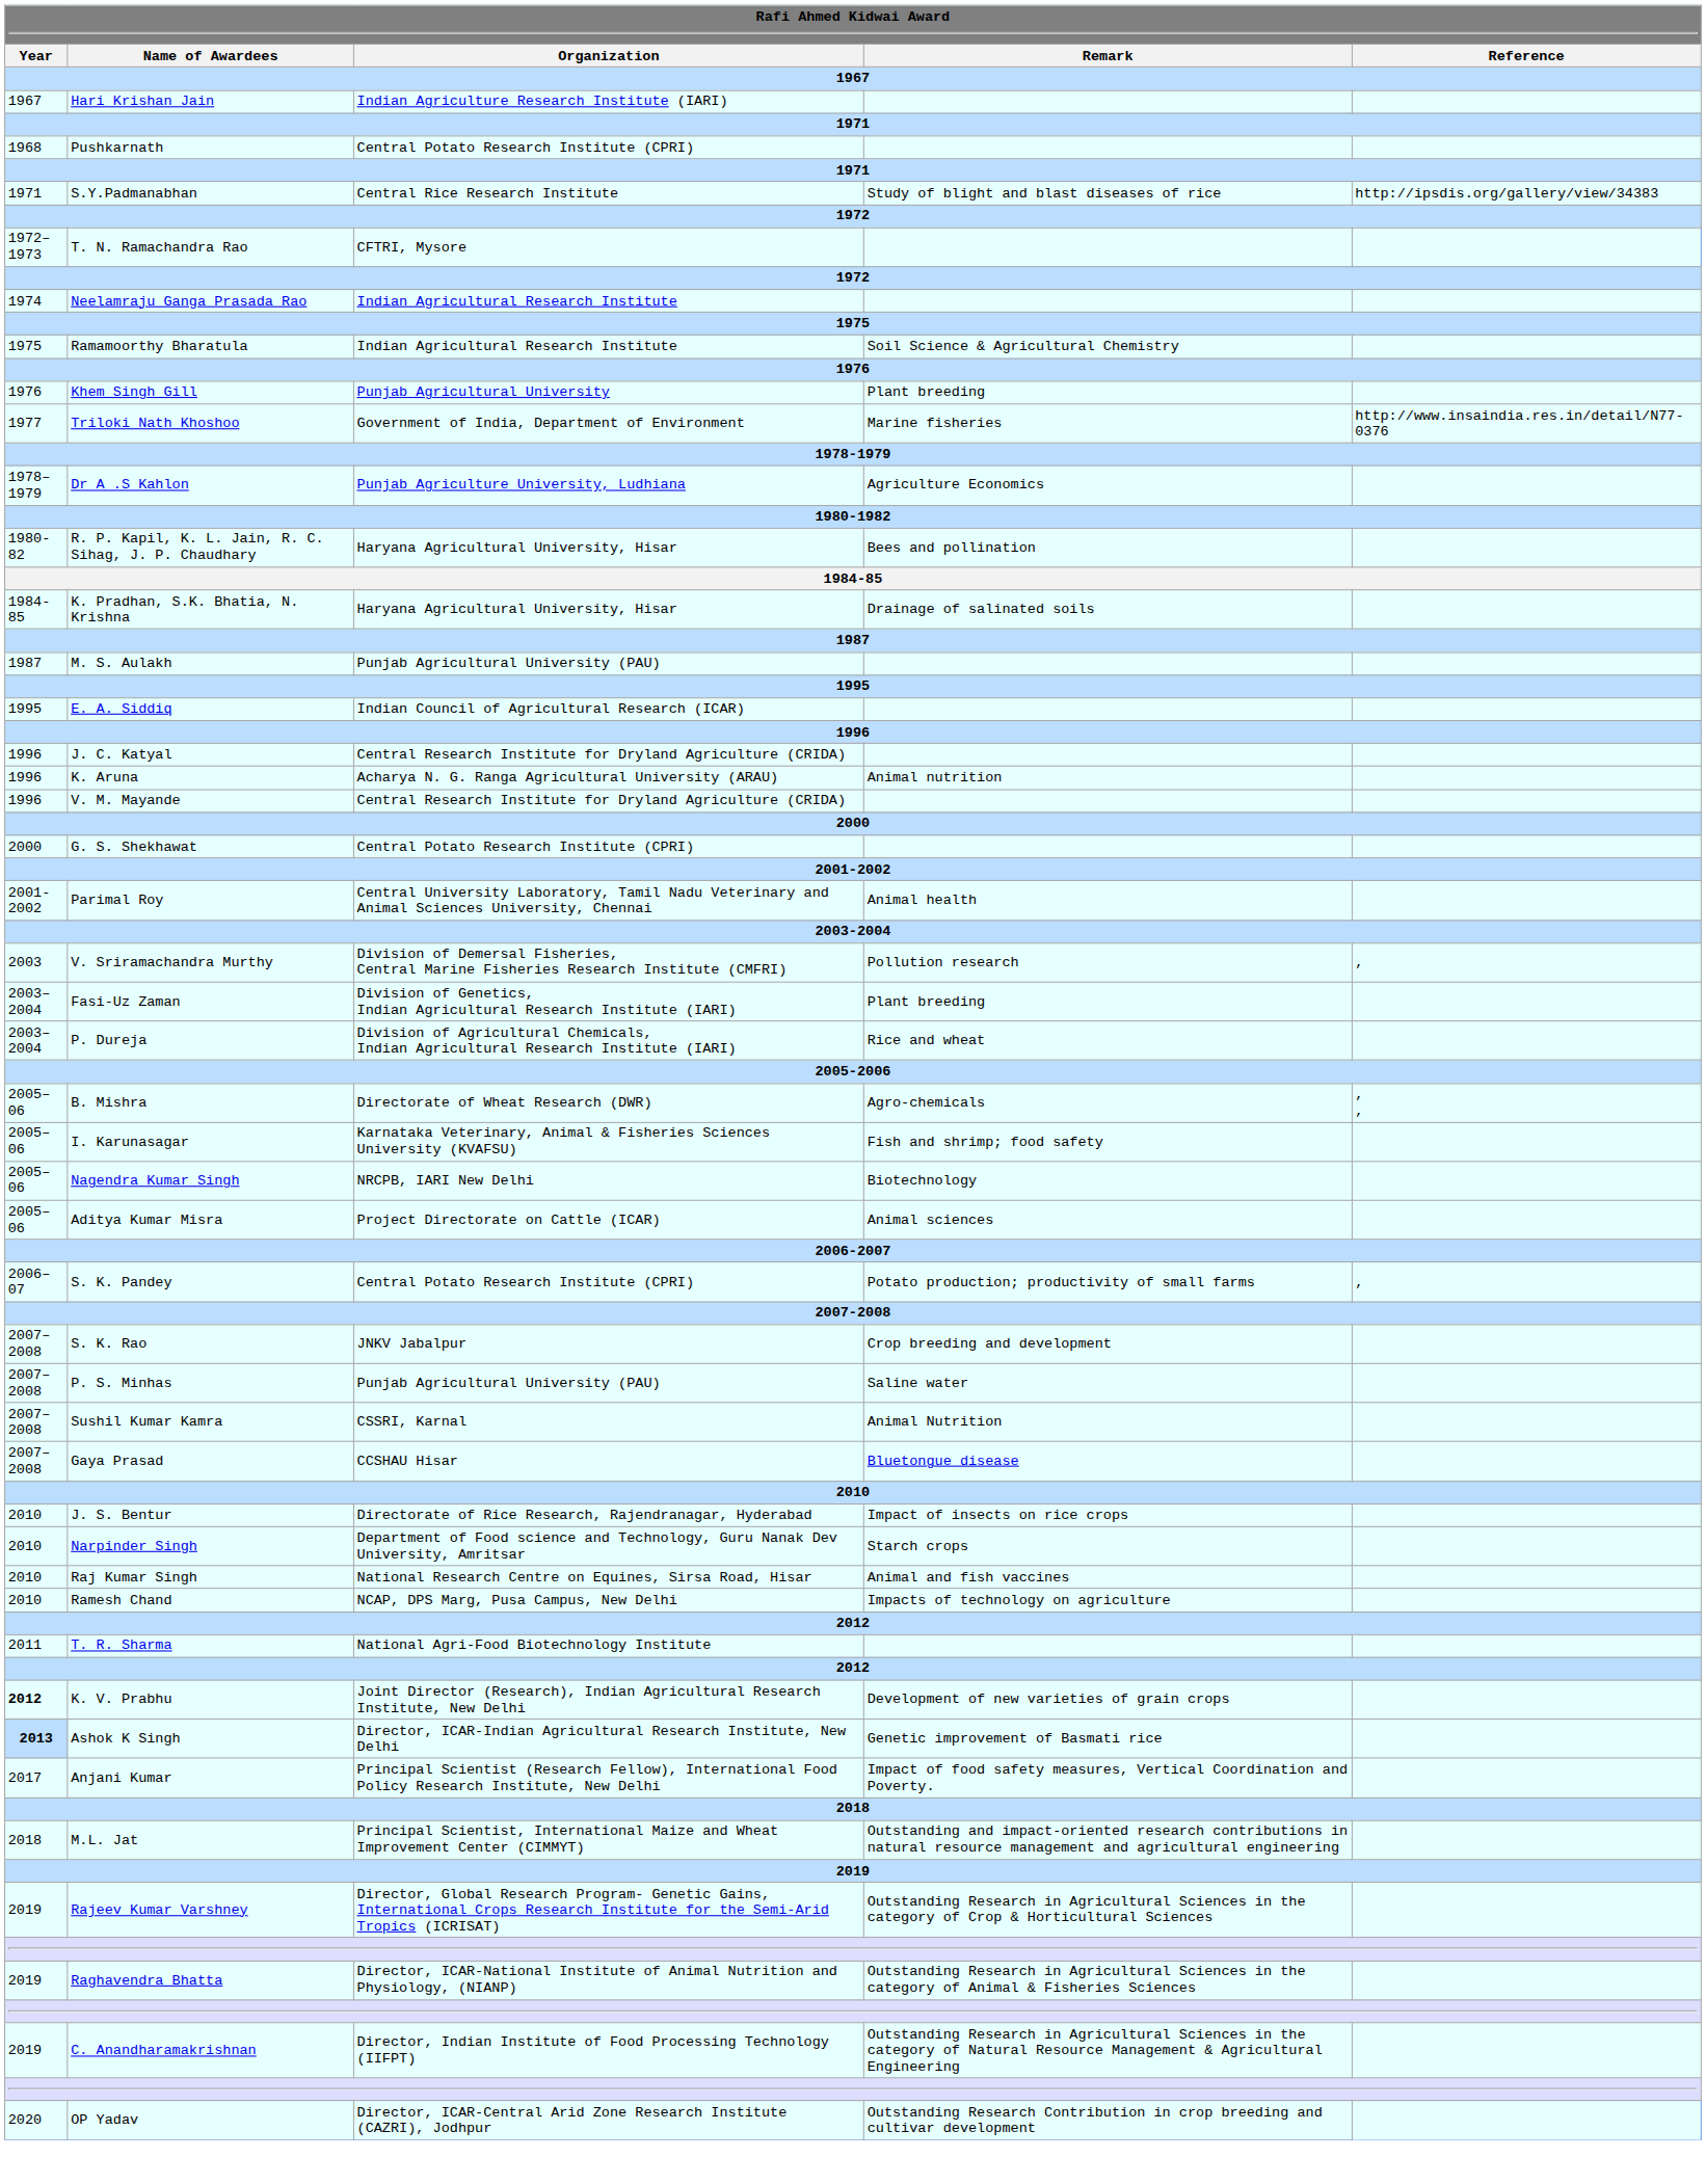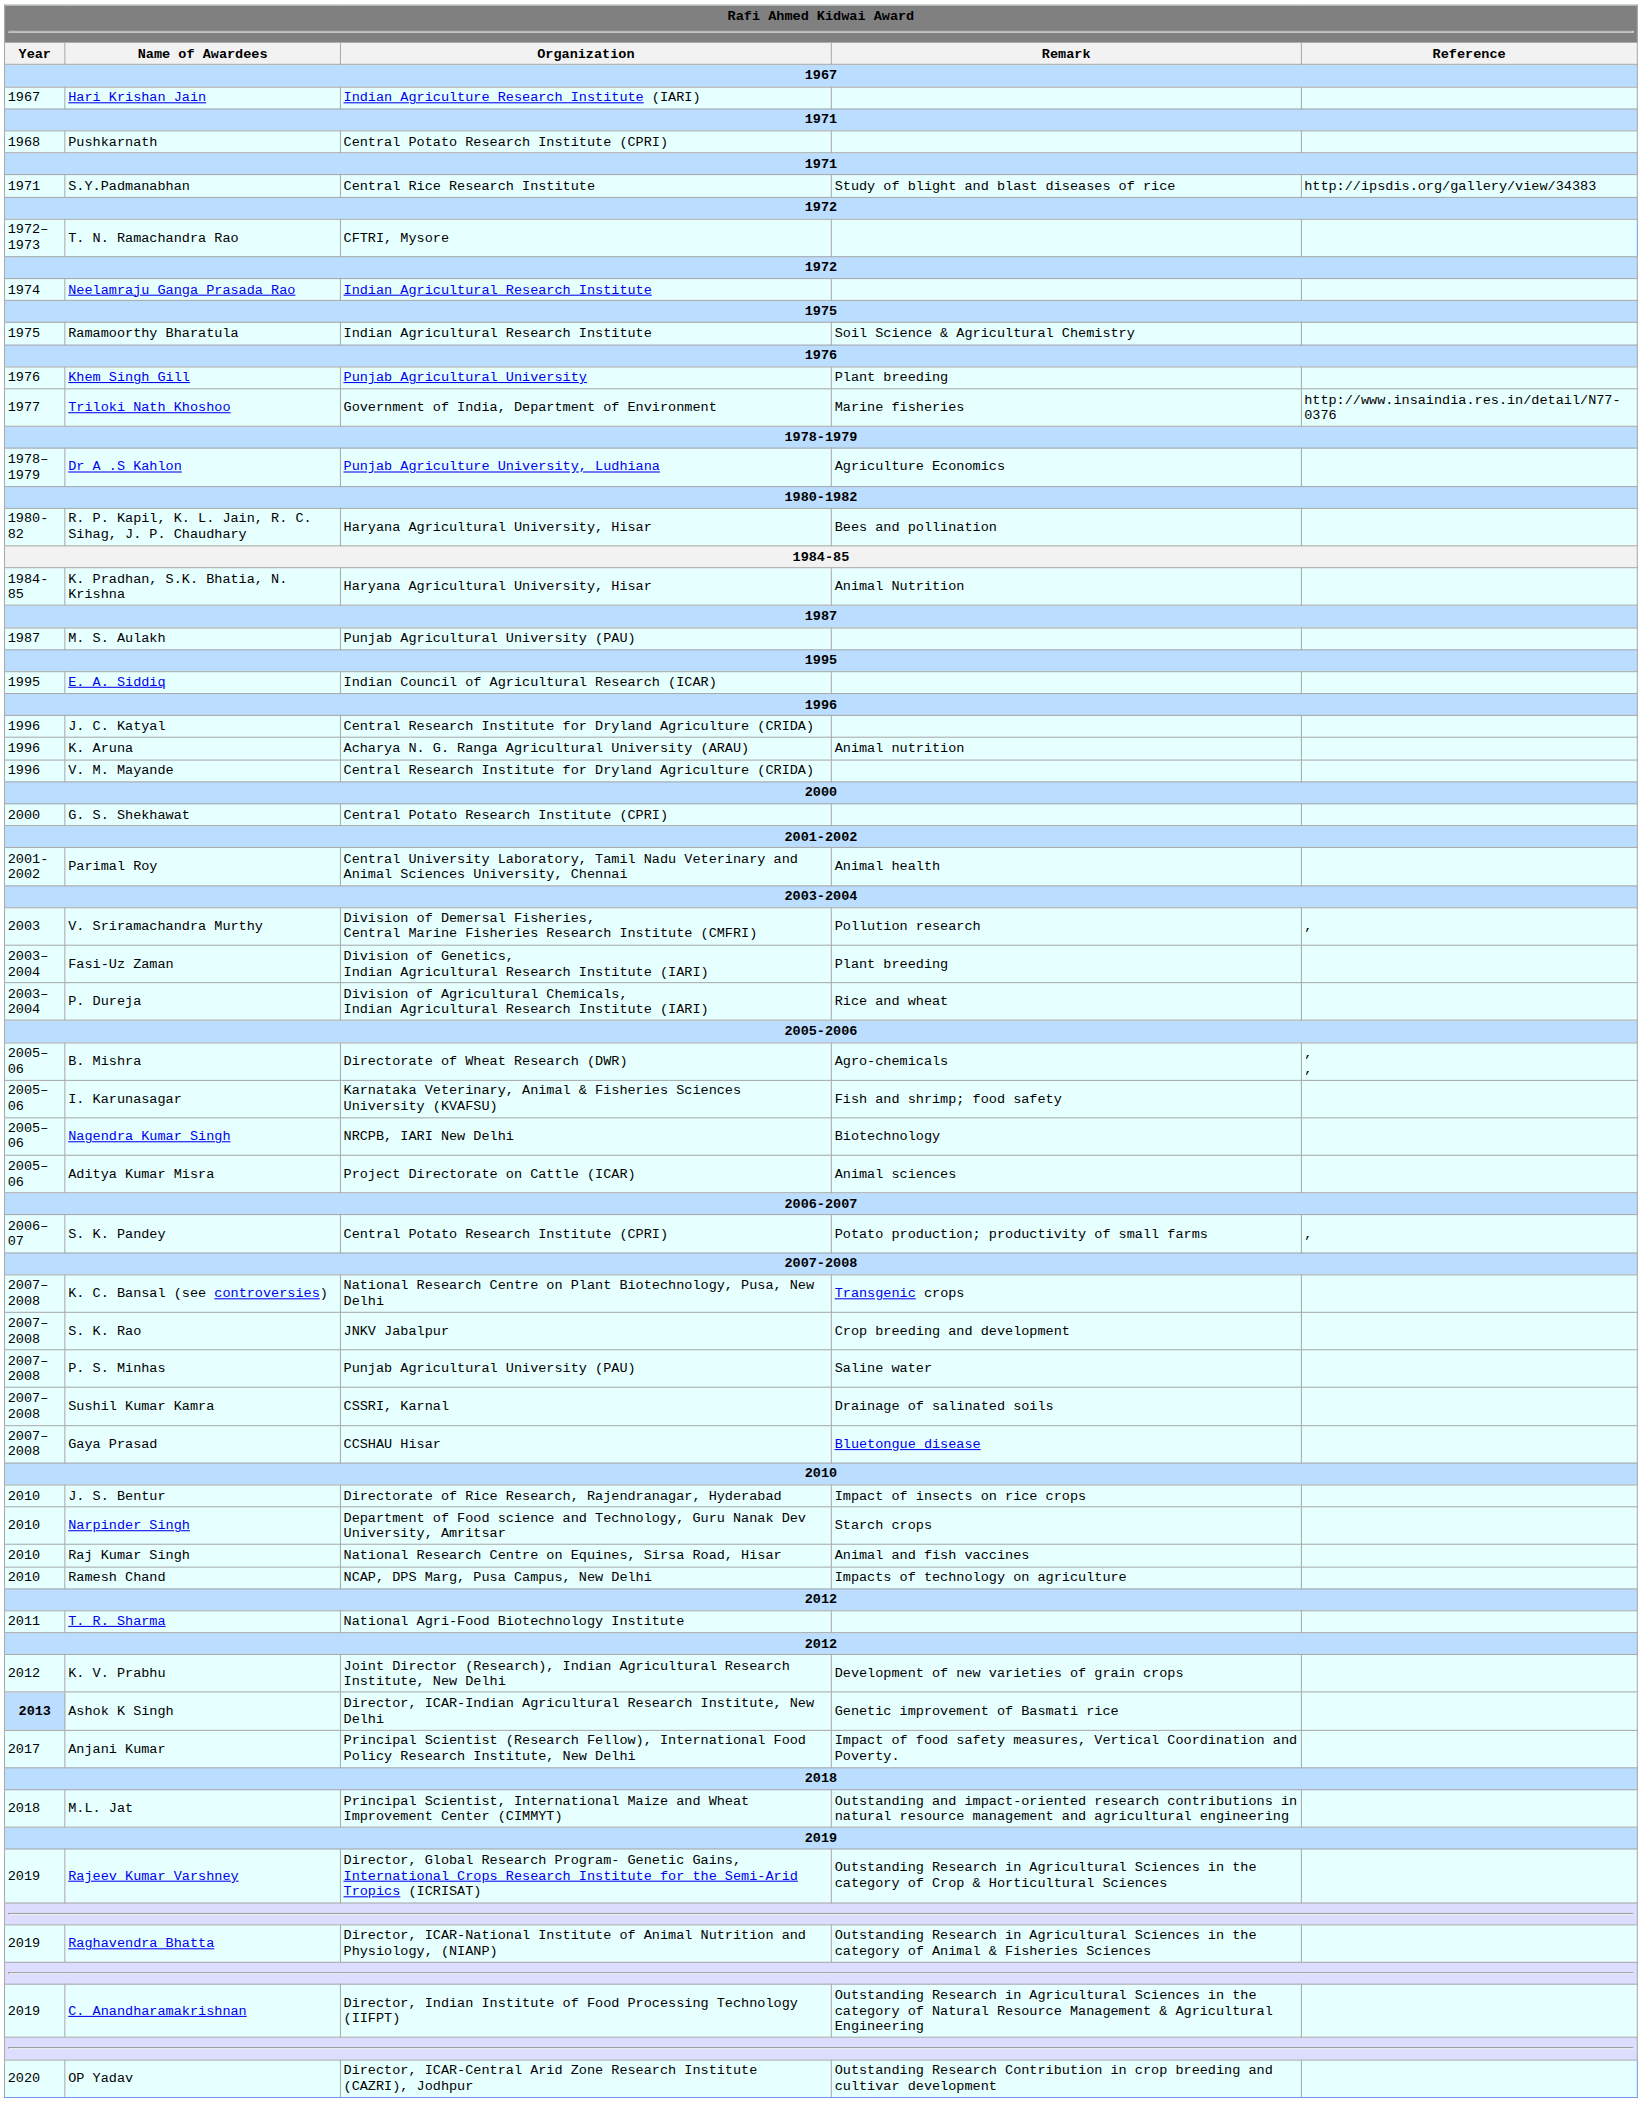 <table class="wikitable" align="left" cellspacing="0" cellpadding="2" style="background: #E6FFFF; border: 1px solid #79E; text-align: left; padding: 3px;">
 <tr>
 <td style="background: grey" colspan="5" align="center"><strong>Rafi Ahmed Kidwai Award</strong><hr></td>
 </tr>
 <tr>
 <th bgcolor="#DDDDFF">Year</th>
 <th bgcolor="#DDDDFF">Name of Awardees</th>
 <th bgcolor="#DDDDFF">Organization</th>
 <th bgcolor="#DDDDFF">Remark</th>
 <th bgcolor="#DDDDFF">Reference</th>
 </tr>
 <tr>
 <td style="background: #BDF;" colspan="5" align="center"><strong>1967</strong></td>
 </tr>
 <tr>
 <td>1967</td>
 <td><a href='#'>Hari Krishan Jain</a></td>
 <td><a href='#'>Indian Agriculture Research Institute</a> (IARI)</td>
 <td></td>
 <td></td>
 </tr>
 <tr>
 <td style="background: #BDF;" colspan="5" align="center"><strong>1971</strong></td>
 </tr>
 <tr>
 <td>1968</td>
 <td>Pushkarnath</td>
 <td>Central Potato Research Institute (CPRI)</td>
 <td></td>
 <td></td>
 </tr>
 <tr>
 <td style="background: #BDF;" colspan="5" align="center"><strong>1971</strong></td>
 </tr>
 <tr>
 <td>1971</td>
 <td>S.Y.Padmanabhan</td>
 <td>Central Rice Research Institute</td>
 <td>Study of blight and blast diseases of rice</td>
 <td>http://ipsdis.org/gallery/view/34383</td>
 </tr>
 <tr>
 <td style="background: #BDF;" colspan="5" align="center"><strong>1972</strong></td>
 </tr>
 <tr>
 <td>1972–1973</td>
 <td>T. N. Ramachandra Rao</td>
 <td>CFTRI, Mysore</td>
 <td></td>
 </tr>
 <tr>
 <td style="background: #BDF;" colspan="5" align="center"><strong>1972</strong></td>
 </tr>
 <tr>
 <td>1974</td>
 <td><a href='#'>Neelamraju Ganga Prasada Rao</a></td>
 <td><a href='#'>Indian Agricultural Research Institute</a></td>
 <td></td>
 <td></td>
 </tr>
 <tr>
 <td style="background: #BDF;" colspan="5" align="center"><strong>1975</strong></td>
 </tr>
 <tr>
 <td>1975</td>
 <td>Ramamoorthy Bharatula</td>
 <td>Indian Agricultural Research Institute</td>
 <td>Soil Science & Agricultural Chemistry</td>
 <td></td>
 </tr>
 <tr>
 <td style="background: #BDF;" colspan="5" align="center"><strong>1976</strong></td>
 </tr>
 <tr>
 <td>1976</td>
 <td><a href='#'>Khem Singh Gill</a></td>
 <td><a href='#'>Punjab Agricultural University</a></td>
 <td>Plant breeding</td>
 <td></td>
 </tr>
 <tr>
 <td>1977</td>
 <td><a href='#'>Triloki Nath Khoshoo</a></td>
 <td>Government of India, Department of Environment</td>
 <td>Marine fisheries</td>
 <td> http://www.insaindia.res.in/detail/N77-0376</td>
 </tr>
 <tr>
 <td style="background: #BDF;" colspan="5" align="center"><strong>1978-1979</strong></td>
 </tr>
 <tr>
 <td>1978–1979</td>
 <td><a href='#'>Dr A .S Kahlon</a></td>
 <td><a href='#'>Punjab Agriculture University, Ludhiana</a></td>
 <td>Agriculture Economics</td>
 <td></td>
 </tr>
 <tr>
 <td style="background: #BDF;" colspan="5" align="center"><strong>1980-1982</strong></td>
 </tr>
 <tr>
 <td>1980-82</td>
 <td>R. P. Kapil, K. L. Jain, R. C. Sihag, J. P. Chaudhary</td>
 <td>Haryana Agricultural University, Hisar</td>
 <td>Bees and pollination</td>
 <td> </td>
 </tr>
 <tr>
 <th colspan="5">1984-85</th>
 </tr>
 <tr>
 <td>1984-85</td>
 <td>K. Pradhan, S.K. Bhatia, N. Krishna</td>
 <td>Haryana Agricultural University, Hisar</td>
-<td>Drainage of salinated soils</td>
+<td>Animal Nutrition</td>
 <td></td>
 </tr>
 <tr>
 <td style="background: #BDF;" colspan="5" align="center"><strong>1987</strong></td>
 </tr>
 <tr 1982-1984 Dr. Rajpal, R.C. Sihag, Dr. S.R. Punia, Ashok Kapoor>
 <td>1987</td>
 <td>M. S. Aulakh</td>
 <td>Punjab Agricultural University (PAU)</td>
 <td></td>
 <td></td>
 </tr>
 <tr>
 <td style="background: #BDF;" colspan="5" align="center"><strong>1995</strong></td>
 </tr>
 <tr>
 <td>1995</td>
 <td><a href='#'>E. A. Siddiq</a></td>
 <td>Indian Council of Agricultural Research (ICAR)</td>
 <td></td>
 <td></td>
 </tr>
 <tr>
 <td style="background: #BDF;" colspan="5" align="center"><strong>1996</strong></td>
 </tr>
 <tr>
 <td>1996</td>
 <td>J. C. Katyal</td>
 <td>Central Research Institute for Dryland Agriculture (CRIDA)</td>
 <td></td>
 <td></td>
 </tr>
 <tr>
 <td>1996</td>
 <td>K. Aruna</td>
 <td>Acharya N. G. Ranga Agricultural University (ARAU)</td>
 <td>Animal nutrition</td>
 <td></td>
 </tr>
 <tr>
 <td>1996</td>
 <td>V. M. Mayande</td>
 <td>Central Research Institute for Dryland Agriculture (CRIDA)</td>
 <td></td>
 <td></td>
 </tr>
 <tr>
 <td style="background: #BDF;" colspan="5" align="center"><strong>2000</strong></td>
 </tr>
 <tr>
 <td>2000</td>
 <td>G. S. Shekhawat</td>
 <td>Central Potato Research Institute (CPRI)</td>
 <td></td>
 <td></td>
 </tr>
 <tr>
 <td style="background: #BDF;" colspan="5" align="center"><strong>2001-2002</strong></td>
 </tr>
 <tr>
 <td>2001-2002</td>
 <td>Parimal Roy</td>
 <td>Central University Laboratory, Tamil Nadu Veterinary and Animal Sciences University, Chennai</td>
 <td>Animal health</td>
 <td></td>
 </tr>
 <tr>
 <td style="background: #BDF;" colspan="5" align="center"><strong>2003-2004</strong></td>
 </tr>
 <tr>
 <td>2003</td>
 <td>V. Sriramachandra Murthy</td>
 <td>Division of Demersal Fisheries,<br>Central Marine Fisheries Research Institute (CMFRI)</td>
 <td>Pollution research</td>
 <td>, </td>
 </tr>
 <tr>
 <td>2003–2004</td>
 <td>Fasi-Uz Zaman</td>
 <td>Division of Genetics,<br>Indian Agricultural Research Institute (IARI)</td>
 <td>Plant breeding</td>
 <td></td>
 </tr>
 <tr>
 <td>2003–2004</td>
 <td>P. Dureja</td>
 <td>Division of Agricultural Chemicals,<br>Indian Agricultural Research Institute (IARI)</td>
 <td>Rice and wheat</td>
 <td></td>
 </tr>
 <tr>
 <td style="background: #BDF;" colspan="5" align="center"><strong>2005-2006</strong></td>
 </tr>
 <tr>
 <td>2005–06</td>
 <td>B. Mishra</td>
 <td>Directorate of Wheat Research (DWR)</td>
 <td>Agro-chemicals</td>
 <td>,<br>, </td>
 </tr>
 <tr>
 <td>2005–06</td>
 <td>I. Karunasagar</td>
 <td>Karnataka Veterinary, Animal & Fisheries Sciences University (KVAFSU)</td>
 <td>Fish and shrimp; food safety</td>
 <td></td>
 </tr>
 <tr>
 <td>2005–06</td>
 <td><a href='#'>Nagendra Kumar Singh</a></td>
 <td>NRCPB, IARI New Delhi</td>
 <td>Biotechnology</td>
 <td></td>
 </tr>
 <tr>
 <td>2005–06</td>
 <td>Aditya Kumar Misra</td>
 <td>Project Directorate on Cattle (ICAR)</td>
 <td>Animal sciences</td>
 <td></td>
 </tr>
 <tr>
 <td style="background: #BDF;" colspan="5" align="center"><strong>2006-2007</strong></td>
 </tr>
 <tr>
 <td>2006–07</td>
 <td>S. K. Pandey</td>
 <td>Central Potato Research Institute (CPRI)</td>
 <td>Potato production; productivity of small farms</td>
 <td>,</td>
 </tr>
 <tr>
 <td style="background: #BDF;" colspan="5" align="center"><strong>2007-2008</strong></td>
 </tr>
 <tr>
 <td>2007–2008</td>
+<td>K. C. Bansal (see <a href='#'>controversies</a>)</td>
+<td>National Research Centre on Plant Biotechnology, Pusa, New Delhi</td>
+<td><a href='#'>Transgenic</a> crops</td>
+<td></td>
+</tr>
+<tr>
+<td>2007–2008</td>
 <td>S. K. Rao</td>
 <td>JNKV Jabalpur</td>
 <td>Crop breeding and development</td>
 <td></td>
 </tr>
 <tr>
 <td>2007–2008</td>
 <td>P. S. Minhas</td>
 <td>Punjab Agricultural University (PAU)</td>
 <td>Saline water</td>
 <td></td>
 </tr>
 <tr>
 <td>2007–2008</td>
 <td>Sushil Kumar Kamra</td>
 <td>CSSRI, Karnal</td>
-<td>Animal Nutrition</td>
+<td>Drainage of salinated soils</td>
 <td></td>
 </tr>
 <tr>
 <td>2007–2008</td>
 <td>Gaya Prasad</td>
 <td>CCSHAU Hisar</td>
 <td><a href='#'>Bluetongue disease</a></td>
 <td></td>
 </tr>
 <tr>
 <td style="background: #BDF;" colspan="5" align="center"><strong>2010</strong></td>
 </tr>
 <tr>
 <td>2010</td>
 <td>J. S. Bentur</td>
 <td>Directorate of Rice Research, Rajendranagar, Hyderabad</td>
 <td>Impact of insects on rice crops</td>
 <td></td>
 </tr>
 <tr>
 <td>2010</td>
 <td><a href='#'>Narpinder Singh</a></td>
 <td>Department of Food science and Technology, Guru Nanak Dev University, Amritsar</td>
 <td>Starch crops</td>
 <td></td>
 </tr>
 <tr>
 <td>2010</td>
 <td>Raj Kumar Singh</td>
 <td>National Research Centre on Equines, Sirsa Road, Hisar</td>
 <td>Animal and fish vaccines</td>
 <td></td>
 </tr>
 <tr>
 <td>2010</td>
 <td>Ramesh Chand</td>
 <td>NCAP, DPS Marg, Pusa Campus, New Delhi</td>
 <td>Impacts of technology on agriculture</td>
 <td></td>
 </tr>
 <tr>
 <td style="background: #BDF;" colspan="5" align="center"><strong>2012</strong></td>
 </tr>
 <tr>
 <td>2011</td>
 <td><a href='#'>T. R. Sharma</a></td>
 <td>National Agri-Food Biotechnology Institute</td>
 <td></td>
 <td></td>
 </tr>
 <tr>
 <td style="background: #BDF;" colspan="5" align="center"><strong>2012</strong></td>
 </tr>
 <tr>
-<td><strong>2012</strong></td>
+<td>2012</td>
 <td>K. V. Prabhu</td>
 <td>Joint Director (Research), Indian Agricultural Research Institute, New Delhi</td>
 <td>Development of new varieties of grain crops</td>
 <td></td>
 </tr>
 <tr>
 <td style="background: #BDF;" align="center"><strong>2013</strong></td>
 <td>Ashok K Singh</td>
 <td>Director, ICAR-Indian Agricultural Research Institute, New Delhi</td>
 <td>Genetic improvement of Basmati rice</td>
 <td></td>
 </tr>
 <tr>
 <td>2017</td>
 <td>Anjani Kumar</td>
 <td>Principal Scientist (Research Fellow), International Food Policy Research Institute, New Delhi</td>
 <td>Impact of food safety measures, Vertical Coordination and Poverty.</td>
 <td></td>
 </tr>
 <tr>
 <td style="background: #BDF;" colspan="5" align="center"><strong>2018</strong></td>
 </tr>
 <tr>
 <td>2018</td>
 <td>M.L. Jat</td>
 <td>Principal Scientist, International Maize and Wheat Improvement Center (CIMMYT)</td>
 <td>Outstanding and impact-oriented research contributions in natural resource management and agricultural engineering</td>
 <td></td>
 </tr>
 <tr>
 <td style="background: #BDF;" colspan="5" align="center"><strong>2019</strong></td>
 </tr>
 <tr>
 <td>2019</td>
 <td><a href='#'>Rajeev Kumar Varshney</a></td>
 <td>Director, Global Research Program- Genetic Gains, <a href='#'>International Crops Research Institute for the Semi-Arid Tropics</a> (ICRISAT)</td>
 <td>Outstanding Research in Agricultural Sciences in the category of Crop & Horticultural Sciences</td>
 <td></td>
 </tr>
 <tr>
 <td style="background: #DDDDFF;" colspan="5"><hr></td>
 </tr>
 <tr>
 <td>2019</td>
 <td><a href='#'>Raghavendra Bhatta</a></td>
 <td>Director, ICAR-National Institute of Animal Nutrition and Physiology, (NIANP)</td>
 <td>Outstanding Research in Agricultural Sciences in the category of Animal & Fisheries Sciences</td>
 <td></td>
 </tr>
 <tr>
 <td style="background: #DDDDFF;" colspan="5"><hr></td>
 </tr>
 <tr>
 <td>2019</td>
 <td><a href='#'>C. Anandharamakrishnan</a></td>
 <td>Director, Indian Institute of Food Processing Technology (IIFPT)</td>
 <td>Outstanding Research in Agricultural Sciences in the category of Natural Resource Management & Agricultural Engineering</td>
 <td></td>
 </tr>
 <tr>
 <td style="background: #DDDDFF;" colspan="5"><hr></td>
 </tr>
 <tr>
 <td>2020</td>
 <td>OP Yadav</td>
 <td>Director, ICAR-Central Arid Zone Research Institute (CAZRI), Jodhpur</td>
 <td>Outstanding Research Contribution in crop breeding and cultivar development</td>
 </tr>
 <tr>
 </tr>
 </table>
